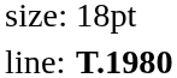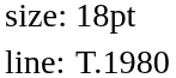 <table style="margin-left:40px;">
 <tr>
 <td>size:</td>
 <td>18pt</td>
 </tr>
 <tr>
 <td>line:</td>
-<td><strong>T.1980</strong></td>
+<td>T.1980</td>
 </tr>
 </table>
